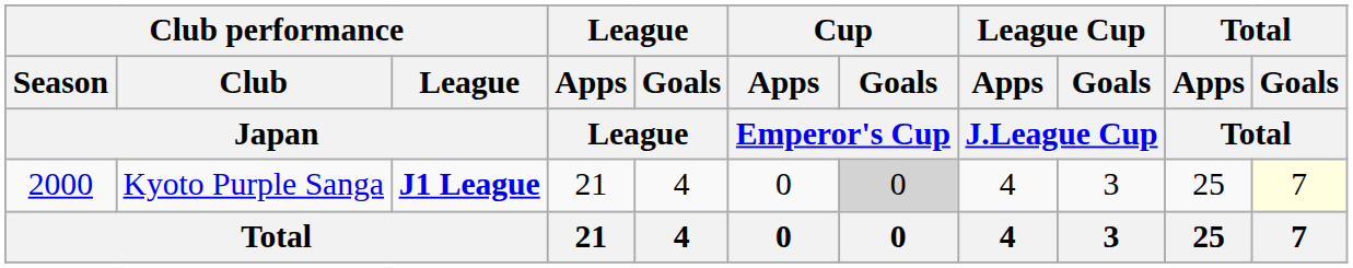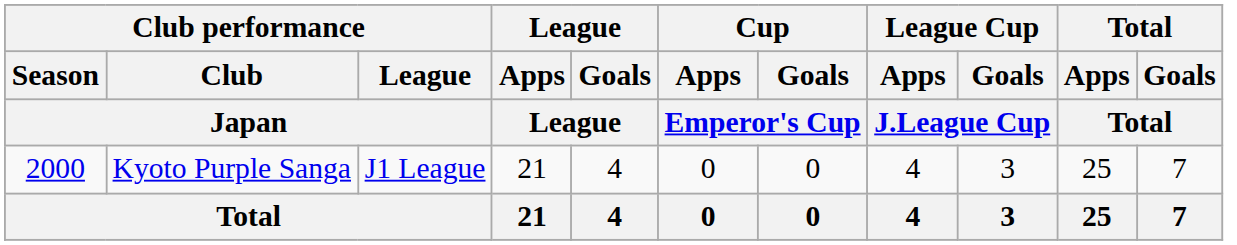 <table class="wikitable" style="text-align:center;">
 <tr>
 <th colspan=3>Club performance</th>
 <th colspan=2>League</th>
 <th colspan=2>Cup</th>
 <th colspan=2>League Cup</th>
 <th colspan=2>Total</th>
 </tr>
 <tr>
 <th>Season</th>
 <th>Club</th>
 <th>League</th>
 <th>Apps</th>
 <th>Goals</th>
 <th>Apps</th>
 <th>Goals</th>
 <th>Apps</th>
 <th>Goals</th>
 <th>Apps</th>
 <th>Goals</th>
 </tr>
 <tr>
 <th colspan=3>Japan</th>
 <th colspan=2>League</th>
 <th colspan=2><a href='#'>Emperor's Cup</a></th>
 <th colspan=2><a href='#'>J.League Cup</a></th>
 <th colspan=2>Total</th>
 </tr>
 <tr>
 <td><a href='#'>2000</a></td>
 <td><a href='#'>Kyoto Purple Sanga</a></td>
-<td><strong><a href='#'>J1 League</a></strong></td>
+<td><a href='#'>J1 League</a></td>
 <td>21</td>
 <td>4</td>
 <td>0</td>
-<td style="background: lightgrey;">0</td>
+<td>0</td>
 <td>4</td>
 <td>3</td>
 <td>25</td>
-<td style="background: lightyellow;">7</td>
+<td>7</td>
 </tr>
 <tr>
 <th colspan=3>Total</th>
 <th>21</th>
 <th>4</th>
 <th>0</th>
 <th>0</th>
 <th>4</th>
 <th>3</th>
 <th>25</th>
 <th>7</th>
 </tr>
 </table>
